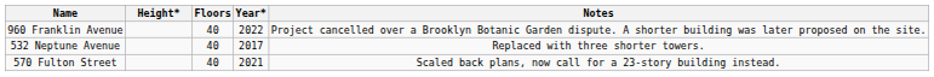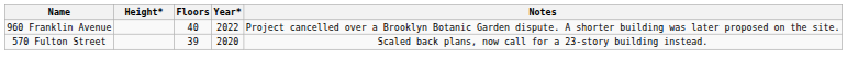 <table class="wikitable sortable" style="text-align:center;">
 <tr>
 <th>Name</th>
 <th style="width:80px;">Height*<br></th>
 <th>Floors</th>
 <th>Year*</th>
 <th>Notes</th>
 </tr>
 <tr>
 <td>960 Franklin Avenue</td>
 <td></td>
 <td align=center>40</td>
 <td align=center>2022</td>
 <td align=center>Project cancelled over a Brooklyn Botanic Garden dispute. A shorter building was later proposed on the site.</td>
 </tr>
 <tr>
-<td>532 Neptune Avenue</td>
-<td></td>
-<td align=center>40</td>
-<td align=center>2017</td>
-<td align=center>Replaced with three shorter towers.</td>
-</tr>
-<tr>
 <td>570 Fulton Street</td>
 <td></td>
-<td align=center>40</td>
-<td align=center>2021</td>
+<td align=center>39</td>
+<td align=center>2020</td>
 <td align=center>Scaled back plans, now call for a 23-story building instead.</td>
 </tr>
 </table>
